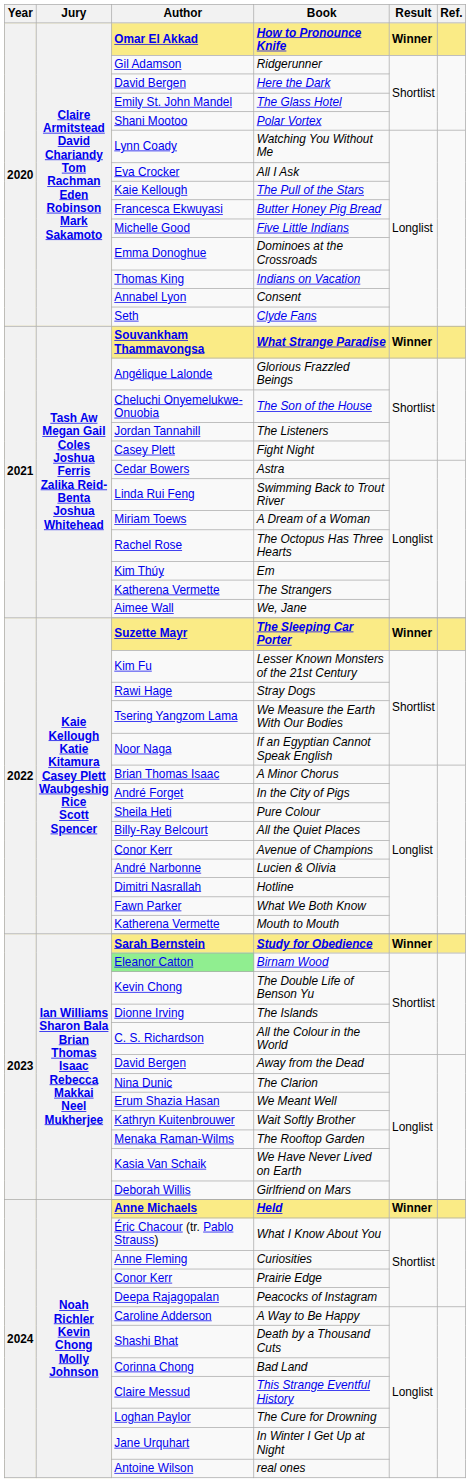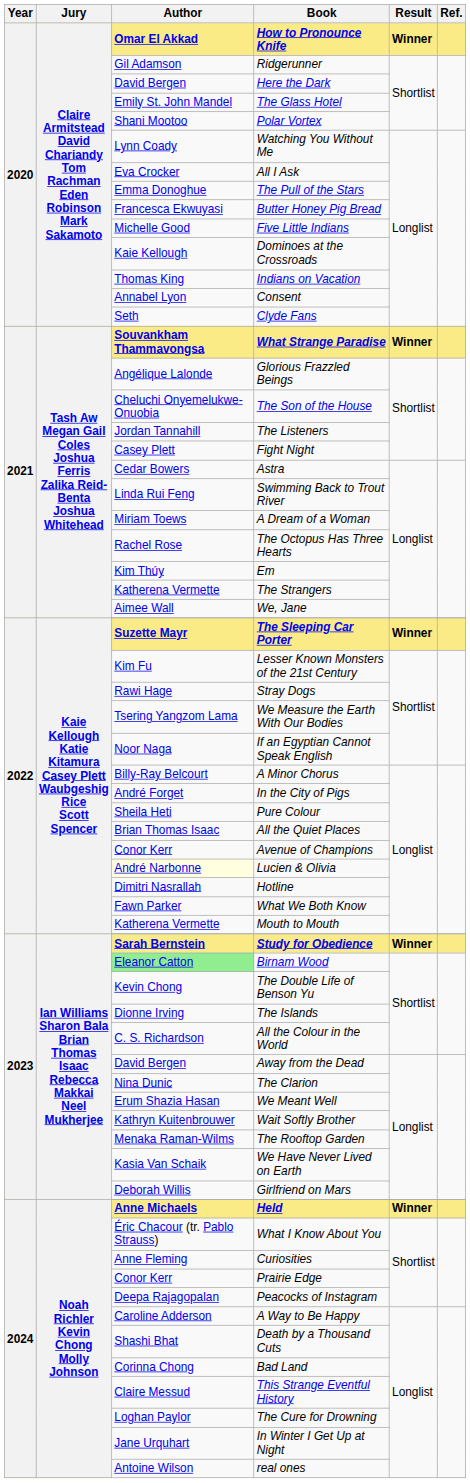 <table class="wikitable" width="100%">
 <tr>
 <th>Year</th>
 <th width=10%>Jury</th>
 <th width=35%>Author</th>
 <th width=35%>Book</th>
 <th width=10%>Result</th>
 <th width=2%>Ref.</th>
 </tr>
 <tr style="background:#FAEB86">
 <th rowspan="14">2020</th>
 <th rowspan="14"><a href='#'>Claire Armitstead</a><br><a href='#'>David Chariandy</a><br><a href='#'>Tom Rachman</a><br><a href='#'>Eden Robinson</a><br><a href='#'>Mark Sakamoto</a></th>
 <td><strong><a href='#'>Omar El Akkad</a></strong></td>
 <td><strong><em><a href='#'>How to Pronounce Knife</a></em></strong></td>
 <td><strong>Winner</strong></td>
 <td></td>
 </tr>
 <tr>
 <td><a href='#'>Gil Adamson</a></td>
 <td><em>Ridgerunner</em></td>
 <td rowspan="4">Shortlist</td>
 <td rowspan="4"></td>
 </tr>
 <tr>
 <td><a href='#'>David Bergen</a></td>
 <td><em><a href='#'>Here the Dark</a></em></td>
 </tr>
 <tr>
 <td><a href='#'>Emily St. John Mandel</a></td>
 <td><em><a href='#'>The Glass Hotel</a></em></td>
 </tr>
 <tr>
 <td><a href='#'>Shani Mootoo</a></td>
 <td><em><a href='#'>Polar Vortex</a></em></td>
 </tr>
 <tr>
 <td><a href='#'>Lynn Coady</a></td>
 <td><em>Watching You Without Me</em></td>
 <td rowspan="9">Longlist</td>
 <td rowspan="9"></td>
 </tr>
 <tr>
 <td><a href='#'>Eva Crocker</a></td>
 <td><em>All I Ask</em></td>
 </tr>
 <tr>
-<td><a href='#'>Kaie Kellough</a></td>
+<td><a href='#'>Emma Donoghue</a></td>
 <td><em><a href='#'>The Pull of the Stars</a></em></td>
 </tr>
 <tr>
 <td><a href='#'>Francesca Ekwuyasi</a></td>
 <td><em><a href='#'>Butter Honey Pig Bread</a></em></td>
 </tr>
 <tr>
 <td><a href='#'>Michelle Good</a></td>
 <td><em><a href='#'>Five Little Indians</a></em></td>
 </tr>
 <tr>
-<td><a href='#'>Emma Donoghue</a></td>
+<td><a href='#'>Kaie Kellough</a></td>
 <td><em>Dominoes at the Crossroads</em></td>
 </tr>
 <tr>
 <td><a href='#'>Thomas King</a></td>
 <td><em><a href='#'>Indians on Vacation</a></em></td>
 </tr>
 <tr>
 <td><a href='#'>Annabel Lyon</a></td>
 <td><em>Consent</em></td>
 </tr>
 <tr>
 <td><a href='#'>Seth</a></td>
 <td><em><a href='#'>Clyde Fans</a></em></td>
 </tr>
 <tr style="background:#FAEB86">
 <th rowspan="12">2021</th>
 <th rowspan="12"><a href='#'>Tash Aw</a><br><a href='#'>Megan Gail Coles</a><br><a href='#'>Joshua Ferris</a><br><a href='#'>Zalika Reid-Benta</a><br><a href='#'>Joshua Whitehead</a></th>
 <td><strong><a href='#'>Souvankham Thammavongsa</a></strong></td>
 <td><strong><em><a href='#'>What Strange Paradise</a></em></strong></td>
 <td><strong>Winner</strong></td>
 <td></td>
 </tr>
 <tr>
 <td><a href='#'>Angélique Lalonde</a></td>
 <td><em>Glorious Frazzled Beings</em></td>
 <td rowspan="4">Shortlist</td>
 <td rowspan="4"></td>
 </tr>
 <tr>
 <td><a href='#'>Cheluchi Onyemelukwe-Onuobia</a></td>
 <td><em><a href='#'>The Son of the House</a></em></td>
 </tr>
 <tr>
 <td><a href='#'>Jordan Tannahill</a></td>
 <td><em>The Listeners</em></td>
 </tr>
 <tr>
 <td><a href='#'>Casey Plett</a></td>
 <td><em>Fight Night</em></td>
 </tr>
 <tr>
 <td><a href='#'>Cedar Bowers</a></td>
 <td><em>Astra</em></td>
 <td rowspan="7">Longlist</td>
 <td rowspan="7"></td>
 </tr>
 <tr>
 <td><a href='#'>Linda Rui Feng</a></td>
 <td><em>Swimming Back to Trout River</em></td>
 </tr>
 <tr>
 <td><a href='#'>Miriam Toews</a></td>
 <td><em>A Dream of a Woman</em></td>
 </tr>
 <tr>
 <td><a href='#'>Rachel Rose</a></td>
 <td><em>The Octopus Has Three Hearts</em></td>
 </tr>
 <tr>
 <td><a href='#'>Kim Thúy</a></td>
 <td><em>Em</em></td>
 </tr>
 <tr>
 <td><a href='#'>Katherena Vermette</a></td>
 <td><em>The Strangers</em></td>
 </tr>
 <tr>
 <td><a href='#'>Aimee Wall</a></td>
 <td><em>We, Jane</em></td>
 </tr>
 <tr style="background:#FAEB86">
 <th rowspan="15">2022</th>
 <th rowspan="15"><a href='#'>Kaie Kellough</a><br><a href='#'>Katie Kitamura</a><br><a href='#'>Casey Plett</a><br><a href='#'>Waubgeshig Rice</a><br><a href='#'>Scott Spencer</a></th>
 </tr>
 <tr style="background:#FAEB86">
 <td><strong><a href='#'>Suzette Mayr</a></strong></td>
 <td><strong><em><a href='#'>The Sleeping Car Porter</a></em></strong></td>
 <td><strong>Winner</strong></td>
 <td></td>
 </tr>
 <tr>
 <td><a href='#'>Kim Fu</a></td>
 <td><em>Lesser Known Monsters of the 21st Century</em></td>
 <td rowspan=4>Shortlist</td>
 <td rowspan=4></td>
 </tr>
 <tr>
 <td><a href='#'>Rawi Hage</a></td>
 <td><em>Stray Dogs</em></td>
 </tr>
 <tr>
 <td><a href='#'>Tsering Yangzom Lama</a></td>
 <td><em>We Measure the Earth With Our Bodies</em></td>
 </tr>
 <tr>
 <td><a href='#'>Noor Naga</a></td>
 <td><em>If an Egyptian Cannot Speak English</em></td>
 </tr>
 <tr>
-<td><a href='#'>Brian Thomas Isaac</a></td>
+<td><a href='#'>Billy-Ray Belcourt</a></td>
 <td><em>A Minor Chorus</em></td>
 <td rowspan=9>Longlist</td>
 <td rowspan=9></td>
 </tr>
 <tr>
 <td><a href='#'>André Forget</a></td>
 <td><em>In the City of Pigs</em></td>
 </tr>
 <tr>
 <td><a href='#'>Sheila Heti</a></td>
 <td><em>Pure Colour</em></td>
 </tr>
 <tr>
-<td><a href='#'>Billy-Ray Belcourt</a></td>
+<td><a href='#'>Brian Thomas Isaac</a></td>
 <td><em>All the Quiet Places</em></td>
 </tr>
 <tr>
 <td><a href='#'>Conor Kerr</a></td>
 <td><em>Avenue of Champions</em></td>
 </tr>
 <tr>
-<td><a href='#'>André Narbonne</a></td>
+<td style="background: lightyellow;"><a href='#'>André Narbonne</a></td>
 <td><em>Lucien & Olivia</em></td>
 </tr>
 <tr>
 <td><a href='#'>Dimitri Nasrallah</a></td>
 <td><em>Hotline</em></td>
 </tr>
 <tr>
 <td><a href='#'>Fawn Parker</a></td>
 <td><em>What We Both Know</em></td>
 </tr>
 <tr>
 <td><a href='#'>Katherena Vermette</a></td>
 <td><em>Mouth to Mouth</em></td>
 </tr>
 <tr style="background:#FAEB86">
 <th rowspan="13">2023</th>
 <th rowspan="13"><a href='#'>Ian Williams</a><br><a href='#'>Sharon Bala</a><br><a href='#'>Brian Thomas Isaac</a><br><a href='#'>Rebecca Makkai</a><br><a href='#'>Neel Mukherjee</a></th>
 </tr>
 <tr style="background:#FAEB86">
 <td><strong><a href='#'>Sarah Bernstein</a></strong></td>
 <td><strong><em><a href='#'>Study for Obedience</a></em></strong></td>
 <td><strong>Winner</strong></td>
 <td></td>
 </tr>
 <tr>
 <td style="background: lightgreen;"><a href='#'>Eleanor Catton</a></td>
 <td><em><a href='#'>Birnam Wood</a></em></td>
 <td rowspan=4>Shortlist</td>
 <td rowspan=4></td>
 </tr>
 <tr>
 <td><a href='#'>Kevin Chong</a></td>
 <td><em>The Double Life of Benson Yu</em></td>
 </tr>
 <tr>
 <td><a href='#'>Dionne Irving</a></td>
 <td><em>The Islands</em></td>
 </tr>
 <tr>
 <td><a href='#'>C. S. Richardson</a></td>
 <td><em>All the Colour in the World</em></td>
 </tr>
 <tr>
 <td><a href='#'>David Bergen</a></td>
 <td><em>Away from the Dead</em></td>
 <td rowspan=7>Longlist</td>
 <td rowspan=7></td>
 </tr>
 <tr>
 <td><a href='#'>Nina Dunic</a></td>
 <td><em>The Clarion</em></td>
 </tr>
 <tr>
 <td><a href='#'>Erum Shazia Hasan</a></td>
 <td><em>We Meant Well</em></td>
 </tr>
 <tr>
 <td><a href='#'>Kathryn Kuitenbrouwer</a></td>
 <td><em>Wait Softly Brother</em></td>
 </tr>
 <tr>
 <td><a href='#'>Menaka Raman-Wilms</a></td>
 <td><em>The Rooftop Garden</em></td>
 </tr>
 <tr>
 <td><a href='#'>Kasia Van Schaik</a></td>
 <td><em>We Have Never Lived on Earth</em></td>
 </tr>
 <tr>
 <td><a href='#'>Deborah Willis</a></td>
 <td><em>Girlfriend on Mars</em></td>
 </tr>
 <tr style="background:#FAEB86">
 <th rowspan="13">2024</th>
 <th rowspan="13"><a href='#'>Noah Richler</a><br><a href='#'>Kevin Chong</a><br><a href='#'>Molly Johnson</a></th>
 </tr>
 <tr style="background:#FAEB86">
 <td><strong><a href='#'>Anne Michaels</a></strong></td>
 <td><strong><em><a href='#'>Held</a></em></strong></td>
 <td><strong>Winner</strong></td>
 <td></td>
 </tr>
 <tr>
 <td><a href='#'>Éric Chacour</a> (tr. <a href='#'>Pablo Strauss</a>)</td>
 <td><em>What I Know About You</em></td>
 <td rowspan=4>Shortlist</td>
 <td rowspan=4></td>
 </tr>
 <tr>
 <td><a href='#'>Anne Fleming</a></td>
 <td><em>Curiosities</em></td>
 </tr>
 <tr>
 <td><a href='#'>Conor Kerr</a></td>
 <td><em>Prairie Edge</em></td>
 </tr>
 <tr>
 <td><a href='#'>Deepa Rajagopalan</a></td>
 <td><em>Peacocks of Instagram</em></td>
 </tr>
 <tr>
 <td><a href='#'>Caroline Adderson</a></td>
 <td><em>A Way to Be Happy</em></td>
 <td rowspan=7>Longlist</td>
 <td rowspan=7></td>
 </tr>
 <tr>
 <td><a href='#'>Shashi Bhat</a></td>
 <td><em>Death by a Thousand Cuts</em></td>
 </tr>
 <tr>
 <td><a href='#'>Corinna Chong</a></td>
 <td><em>Bad Land</em></td>
 </tr>
 <tr>
 <td><a href='#'>Claire Messud</a></td>
 <td><em><a href='#'>This Strange Eventful History</a></em></td>
 </tr>
 <tr>
 <td><a href='#'>Loghan Paylor</a></td>
 <td><em>The Cure for Drowning</em></td>
 </tr>
 <tr>
 <td><a href='#'>Jane Urquhart</a></td>
 <td><em>In Winter I Get Up at Night</em></td>
 </tr>
 <tr>
 <td><a href='#'>Antoine Wilson</a></td>
 <td><em>real ones</em></td>
 </tr>
 </table>
